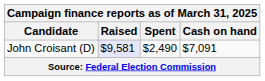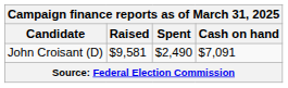 <table class="wikitable sortable">
 <tr>
 <th colspan=4>Campaign finance reports as of March 31, 2025</th>
 </tr>
 <tr style="text-align:center;">
 <th>Candidate</th>
 <th>Raised</th>
 <th>Spent</th>
 <th>Cash on hand</th>
 </tr>
 <tr>
 <td>John Croisant (D)</td>
-<td style="background: lavender;">$9,581</td>
+<td>$9,581</td>
 <td>$2,490</td>
 <td>$7,091</td>
 </tr>
 <tr>
 <th colspan="4"><small>Source: <a href='#'>Federal Election Commission</a></small></th>
 </tr>
 </table>
